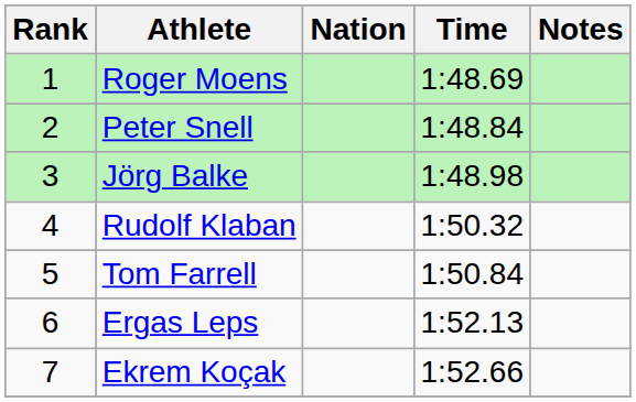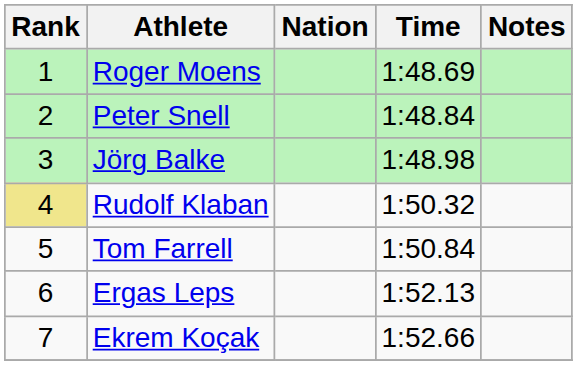 <table class="wikitable sortable" style="text-align:center">
 <tr>
 <th>Rank</th>
 <th>Athlete</th>
 <th>Nation</th>
 <th>Time</th>
 <th>Notes</th>
 </tr>
 <tr bgcolor=bbf3bb>
 <td>1</td>
 <td align=left><a href='#'>Roger Moens</a></td>
 <td align=left></td>
 <td>1:48.69</td>
 <td></td>
 </tr>
 <tr bgcolor=bbf3bb>
 <td>2</td>
 <td align=left><a href='#'>Peter Snell</a></td>
 <td align=left></td>
 <td>1:48.84</td>
 <td></td>
 </tr>
 <tr bgcolor=bbf3bb>
 <td>3</td>
 <td align=left><a href='#'>Jörg Balke</a></td>
 <td align=left></td>
 <td>1:48.98</td>
 <td></td>
 </tr>
 <tr>
-<td>4</td>
+<td style="background: khaki;">4</td>
 <td align=left><a href='#'>Rudolf Klaban</a></td>
 <td align=left></td>
 <td>1:50.32</td>
 <td></td>
 </tr>
 <tr>
 <td>5</td>
 <td align=left><a href='#'>Tom Farrell</a></td>
 <td align=left></td>
 <td>1:50.84</td>
 <td></td>
 </tr>
 <tr>
 <td>6</td>
 <td align=left><a href='#'>Ergas Leps</a></td>
 <td align=left></td>
 <td>1:52.13</td>
 <td></td>
 </tr>
 <tr>
 <td>7</td>
 <td align=left><a href='#'>Ekrem Koçak</a></td>
 <td align=left></td>
 <td>1:52.66</td>
 <td></td>
 </tr>
 <tr>
 </tr>
 </table>
